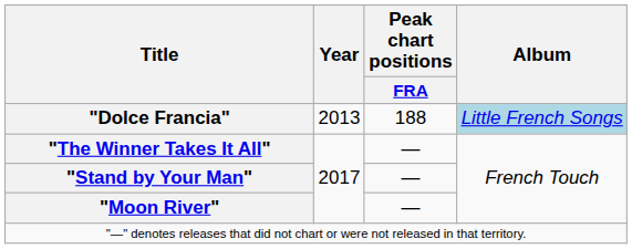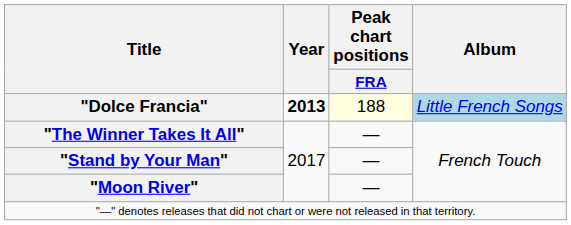 <table class="wikitable plainrowheaders" style="text-align:center;">
 <tr>
 <th scope="col" rowspan="2" style="width:16em;">Title</th>
 <th scope="col" rowspan="2">Year</th>
 <th scope="col" colspan="1">Peak chart positions</th>
 <th scope="col" rowspan="2">Album</th>
 </tr>
 <tr>
 <th scope="col" style="width:5em;font-size:90%;"><a href='#'>FRA</a><br></th>
 </tr>
 <tr>
 <th scope="row">"Dolce Francia"</th>
-<td>2013</td>
-<td>188</td>
+<td><strong>2013</strong></td>
+<td style="background: lightyellow;">188</td>
 <td style="background: lightblue;"><em><a href='#'>Little French Songs</a></em></td>
 </tr>
 <tr>
 <th scope="row">"<a href='#'>The Winner Takes It All</a>"</th>
 <td rowspan="3">2017</td>
 <td>—</td>
 <td rowspan="3"><em>French Touch</em></td>
 </tr>
 <tr>
 <th scope="row">"<a href='#'>Stand by Your Man</a>"</th>
 <td>—</td>
 </tr>
 <tr>
 <th scope="row">"<a href='#'>Moon River</a>"</th>
 <td>—</td>
 </tr>
 <tr>
 <td colspan="14" style="font-size:8pt">"—" denotes releases that did not chart or were not released in that territory.</td>
 </tr>
 </table>
